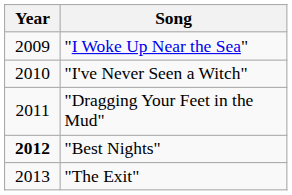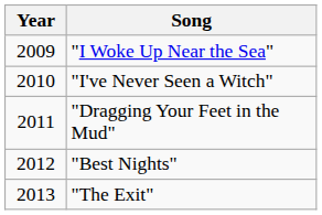 <table class="wikitable" style=text-align:center;>
 <tr>
 <th width="44">Year</th>
 <th width="200">Song</th>
 </tr>
 <tr>
 <td width="44">2009</td>
 <td align=left width="140">"<a href='#'>I Woke Up Near the Sea</a>"</td>
 </tr>
 <tr>
 <td width="44">2010</td>
 <td align=left width="140">"I've Never Seen a Witch"</td>
 </tr>
 <tr>
 <td width="44">2011</td>
 <td align=left width="140">"Dragging Your Feet in the Mud"</td>
 </tr>
 <tr>
-<td width="44"><strong>2012</strong></td>
+<td width="44">2012</td>
 <td align=left width="140">"Best Nights"</td>
 </tr>
 <tr>
 <td width="44">2013</td>
 <td align=left width="140">"The Exit"</td>
 </tr>
 </table>
